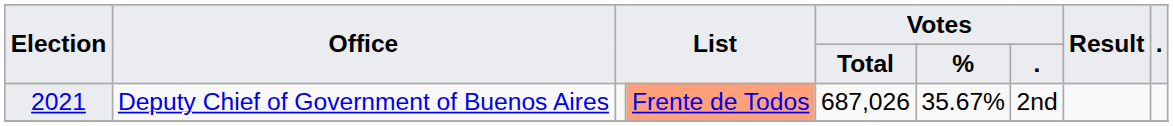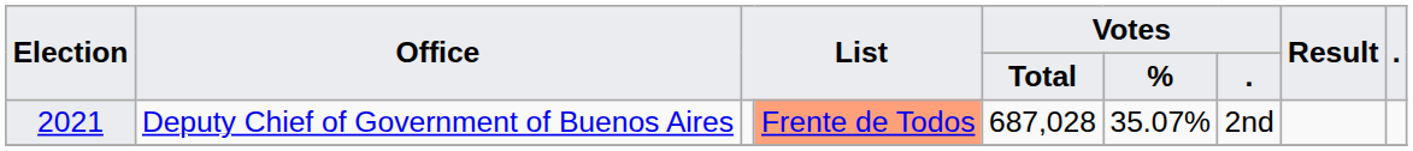 <table class="wikitable" style="font-size:90%; text-align:center;">
 <tr>
 <th style="background-color:#EAECF0;" rowspan=2>Election</th>
 <th style="background-color:#EAECF0;" rowspan=2>Office</th>
 <th style="background-color:#EAECF0;" colspan=2 rowspan=2>List</th>
 <th style="background-color:#EAECF0;" colspan=3>Votes</th>
 <th style="background-color:#EAECF0;" rowspan=2>Result</th>
 <th style="background-color:#EAECF0;" rowspan=2>.</th>
 </tr>
 <tr>
 <th style="background-color:#EAECF0;">Total</th>
 <th style="background-color:#EAECF0;">%</th>
 <th style="background-color:#EAECF0;">.</th>
 </tr>
 <tr>
 <td style="background-color:#EAECF0;"><a href='#'>2021</a></td>
 <td><a href='#'>Deputy Chief of Government of Buenos Aires</a></td>
 <td style="background-color:"></td>
 <td style="background: lightsalmon;"><a href='#'>Frente de Todos</a></td>
-<td>687,026</td>
-<td>35.67%</td>
+<td>687,028</td>
+<td>35.07%</td>
 <td>2nd</td>
 <td></td>
 <td></td>
 </tr>
 <tr>
 </tr>
 </table>
